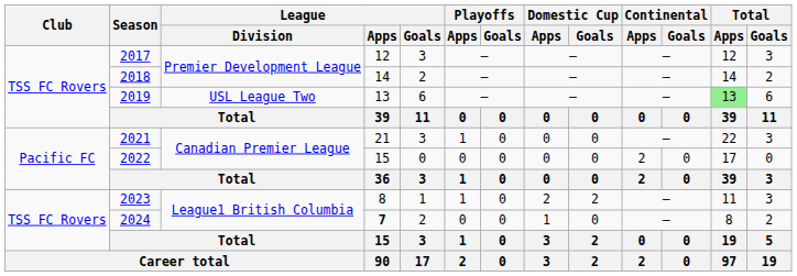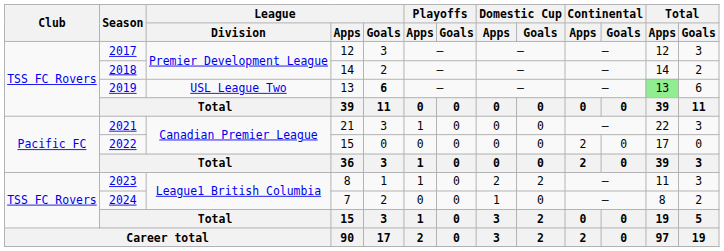 <table class="wikitable" style="text-align: center">
 <tr>
 <th rowspan="2">Club</th>
 <th rowspan="2">Season</th>
 <th colspan="3">League</th>
 <th colspan="2">Playoffs</th>
 <th colspan="2">Domestic Cup</th>
 <th colspan="2">Continental</th>
 <th colspan="2">Total</th>
 </tr>
 <tr>
 <th>Division</th>
 <th>Apps</th>
 <th>Goals</th>
 <th>Apps</th>
 <th>Goals</th>
 <th>Apps</th>
 <th>Goals</th>
 <th>Apps</th>
 <th>Goals</th>
 <th>Apps</th>
 <th>Goals</th>
 </tr>
 <tr>
 <td rowspan=4><a href='#'>TSS FC Rovers</a></td>
 <td><a href='#'>2017</a></td>
 <td rowspan=2><a href='#'>Premier Development League</a></td>
 <td>12</td>
 <td>3</td>
 <td colspan="2">–</td>
 <td colspan="2">–</td>
 <td colspan="2">–</td>
 <td>12</td>
 <td>3</td>
 </tr>
 <tr>
 <td><a href='#'>2018</a></td>
 <td>14</td>
 <td>2</td>
 <td colspan="2">–</td>
 <td colspan="2">–</td>
 <td colspan="2">–</td>
 <td>14</td>
 <td>2</td>
 </tr>
 <tr>
 <td><a href='#'>2019</a></td>
 <td><a href='#'>USL League Two</a></td>
 <td>13</td>
-<td>6</td>
+<td><strong>6</strong></td>
 <td colspan="2">–</td>
 <td colspan="2">–</td>
 <td colspan="2">–</td>
 <td style="background: lightgreen;">13</td>
 <td>6</td>
 </tr>
 <tr>
 <th colspan="2">Total</th>
 <th>39</th>
 <th>11</th>
 <th>0</th>
 <th>0</th>
 <th>0</th>
 <th>0</th>
 <th>0</th>
 <th>0</th>
 <th>39</th>
 <th>11</th>
 </tr>
 <tr>
 <td rowspan=3><a href='#'>Pacific FC</a></td>
 <td><a href='#'>2021</a></td>
 <td rowspan=2><a href='#'>Canadian Premier League</a></td>
 <td>21</td>
 <td>3</td>
 <td>1</td>
 <td>0</td>
 <td>0</td>
 <td>0</td>
 <td colspan="2">–</td>
 <td>22</td>
 <td>3</td>
 </tr>
 <tr>
 <td><a href='#'>2022</a></td>
 <td>15</td>
 <td>0</td>
 <td>0</td>
 <td>0</td>
 <td>0</td>
 <td>0</td>
 <td>2</td>
 <td>0</td>
 <td>17</td>
 <td>0</td>
 </tr>
 <tr>
 <th colspan="2">Total</th>
 <th>36</th>
 <th>3</th>
 <th>1</th>
 <th>0</th>
 <th>0</th>
 <th>0</th>
 <th>2</th>
 <th>0</th>
 <th>39</th>
 <th>3</th>
 </tr>
 <tr>
 <td rowspan=3><a href='#'>TSS FC Rovers</a></td>
 <td><a href='#'>2023</a></td>
 <td rowspan=2><a href='#'>League1 British Columbia</a></td>
 <td>8</td>
 <td>1</td>
 <td>1</td>
 <td>0</td>
 <td>2</td>
 <td>2</td>
 <td colspan="2">–</td>
 <td>11</td>
 <td>3</td>
 </tr>
 <tr>
 <td><a href='#'>2024</a></td>
-<td><strong>7</strong></td>
+<td>7</td>
 <td>2</td>
 <td>0</td>
 <td>0</td>
 <td>1</td>
 <td>0</td>
 <td colspan="2">–</td>
 <td>8</td>
 <td>2</td>
 </tr>
 <tr>
 <th colspan="2">Total</th>
 <th>15</th>
 <th>3</th>
 <th>1</th>
 <th>0</th>
 <th>3</th>
 <th>2</th>
 <th>0</th>
 <th>0</th>
 <th>19</th>
 <th>5</th>
 </tr>
 <tr>
 <th colspan="3"><strong>Career total</strong></th>
 <th>90</th>
 <th>17</th>
 <th>2</th>
 <th>0</th>
 <th>3</th>
 <th>2</th>
 <th>2</th>
 <th>0</th>
 <th>97</th>
 <th>19</th>
 </tr>
 </table>
